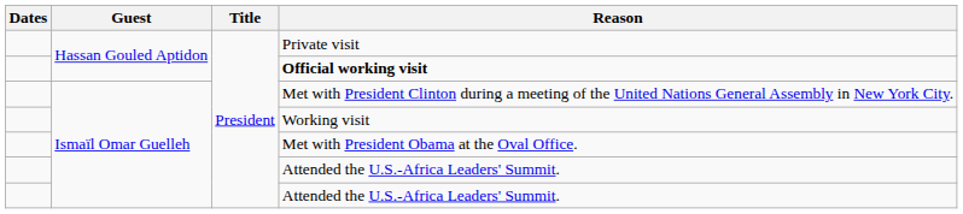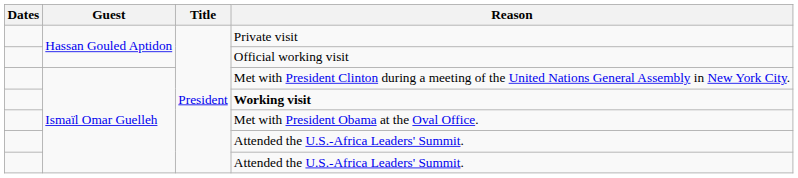 <table class="wikitable sortable">
 <tr>
 <th>Dates</th>
 <th>Guest</th>
 <th>Title</th>
 <th>Reason</th>
 </tr>
 <tr>
 <td></td>
 <td rowspan=2><a href='#'>Hassan Gouled Aptidon</a></td>
 <td rowspan=7><a href='#'>President</a></td>
 <td>Private visit</td>
 </tr>
 <tr>
 <td></td>
-<td><strong>Official working visit</strong></td>
+<td>Official working visit</td>
 </tr>
 <tr>
 <td></td>
 <td rowspan=5><a href='#'>Ismaïl Omar Guelleh</a></td>
 <td>Met with <a href='#'>President Clinton</a> during a meeting of the <a href='#'>United Nations General Assembly</a> in <a href='#'>New York City</a>.</td>
 </tr>
 <tr>
 <td></td>
-<td>Working visit</td>
+<td><strong>Working visit</strong></td>
 </tr>
 <tr>
 <td></td>
 <td>Met with <a href='#'>President Obama</a> at the <a href='#'>Oval Office</a>.</td>
 </tr>
 <tr>
 <td></td>
 <td>Attended the <a href='#'>U.S.-Africa Leaders' Summit</a>.</td>
 </tr>
 <tr>
 <td></td>
 <td>Attended the <a href='#'>U.S.-Africa Leaders' Summit</a>.</td>
 </tr>
 </table>
